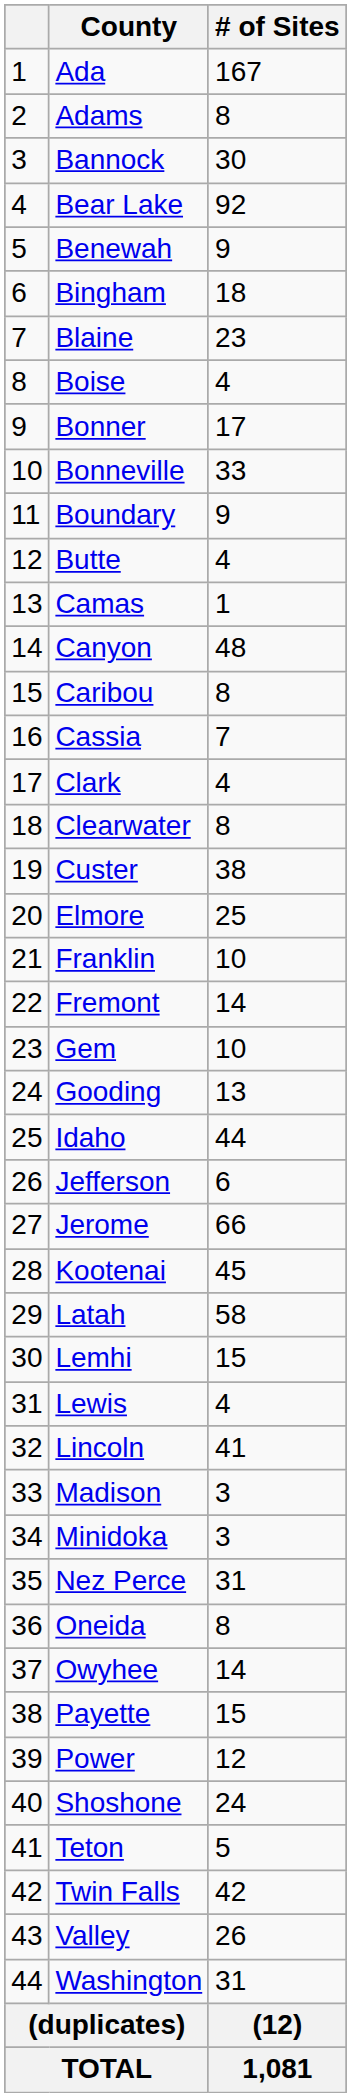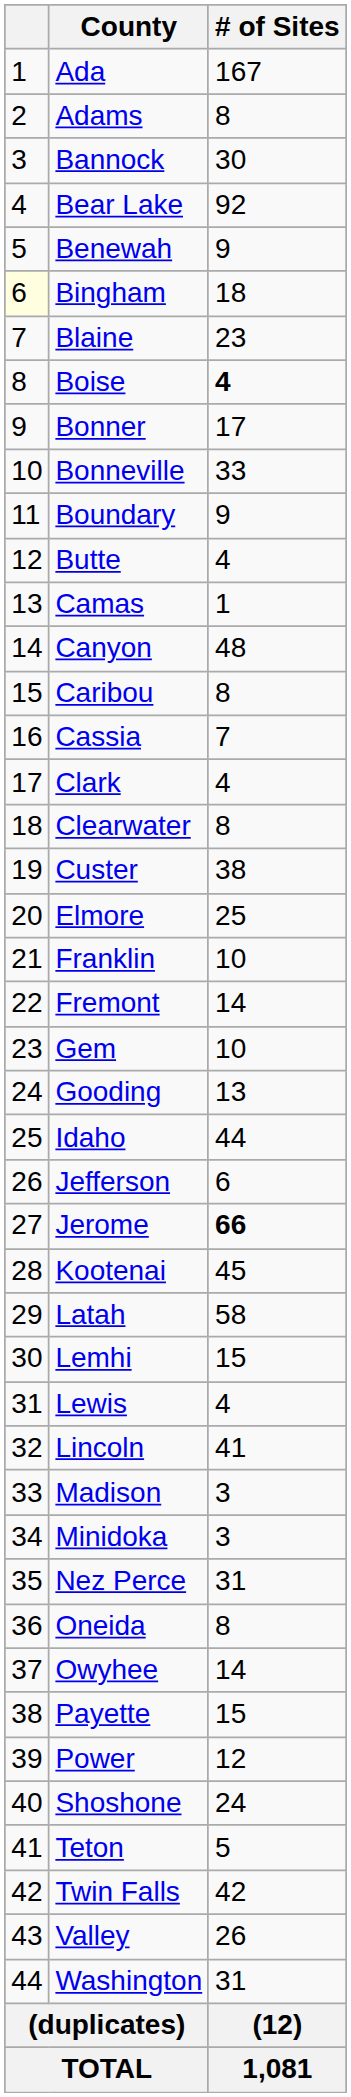 <table class="wikitable sortable">
 <tr>
 <th></th>
 <th><strong>County</strong></th>
 <th><strong># of Sites</strong></th>
 </tr>
 <tr ->
 <td>1</td>
 <td><a href='#'>Ada</a></td>
 <td>167</td>
 </tr>
 <tr ->
 <td>2</td>
 <td><a href='#'>Adams</a></td>
 <td>8</td>
 </tr>
 <tr ->
 <td>3</td>
 <td><a href='#'>Bannock</a></td>
 <td>30</td>
 </tr>
 <tr ->
 <td>4</td>
 <td><a href='#'>Bear Lake</a></td>
 <td>92</td>
 </tr>
 <tr ->
 <td>5</td>
 <td><a href='#'>Benewah</a></td>
 <td>9</td>
 </tr>
 <tr ->
-<td>6</td>
+<td style="background: lightyellow;">6</td>
 <td><a href='#'>Bingham</a></td>
 <td>18</td>
 </tr>
 <tr ->
 <td>7</td>
 <td><a href='#'>Blaine</a></td>
 <td>23</td>
 </tr>
 <tr ->
 <td>8</td>
 <td><a href='#'>Boise</a></td>
-<td>4</td>
+<td><strong>4</strong></td>
 </tr>
 <tr ->
 <td>9</td>
 <td><a href='#'>Bonner</a></td>
 <td>17</td>
 </tr>
 <tr ->
 <td>10</td>
 <td><a href='#'>Bonneville</a></td>
 <td>33</td>
 </tr>
 <tr ->
 <td>11</td>
 <td><a href='#'>Boundary</a></td>
 <td>9</td>
 </tr>
 <tr ->
 <td>12</td>
 <td><a href='#'>Butte</a></td>
 <td>4</td>
 </tr>
 <tr ->
 <td>13</td>
 <td><a href='#'>Camas</a></td>
 <td>1</td>
 </tr>
 <tr ->
 <td>14</td>
 <td><a href='#'>Canyon</a></td>
 <td>48</td>
 </tr>
 <tr ->
 <td>15</td>
 <td><a href='#'>Caribou</a></td>
 <td>8</td>
 </tr>
 <tr ->
 <td>16</td>
 <td><a href='#'>Cassia</a></td>
 <td>7</td>
 </tr>
 <tr ->
 <td>17</td>
 <td><a href='#'>Clark</a></td>
 <td>4</td>
 </tr>
 <tr ->
 <td>18</td>
 <td><a href='#'>Clearwater</a></td>
 <td>8</td>
 </tr>
 <tr ->
 <td>19</td>
 <td><a href='#'>Custer</a></td>
 <td>38</td>
 </tr>
 <tr ->
 <td>20</td>
 <td><a href='#'>Elmore</a></td>
 <td>25</td>
 </tr>
 <tr ->
 <td>21</td>
 <td><a href='#'>Franklin</a></td>
 <td>10</td>
 </tr>
 <tr ->
 <td>22</td>
 <td><a href='#'>Fremont</a></td>
 <td>14</td>
 </tr>
 <tr ->
 <td>23</td>
 <td><a href='#'>Gem</a></td>
 <td>10</td>
 </tr>
 <tr ->
 <td>24</td>
 <td><a href='#'>Gooding</a></td>
 <td>13</td>
 </tr>
 <tr ->
 <td>25</td>
 <td><a href='#'>Idaho</a></td>
 <td>44</td>
 </tr>
 <tr ->
 <td>26</td>
 <td><a href='#'>Jefferson</a></td>
 <td>6</td>
 </tr>
 <tr ->
 <td>27</td>
 <td><a href='#'>Jerome</a></td>
-<td>66</td>
+<td><strong>66</strong></td>
 </tr>
 <tr ->
 <td>28</td>
 <td><a href='#'>Kootenai</a></td>
 <td>45</td>
 </tr>
 <tr ->
 <td>29</td>
 <td><a href='#'>Latah</a></td>
 <td>58</td>
 </tr>
 <tr ->
 <td>30</td>
 <td><a href='#'>Lemhi</a></td>
 <td>15</td>
 </tr>
 <tr ->
 <td>31</td>
 <td><a href='#'>Lewis</a></td>
 <td>4</td>
 </tr>
 <tr ->
 <td>32</td>
 <td><a href='#'>Lincoln</a></td>
 <td>41</td>
 </tr>
 <tr ->
 <td>33</td>
 <td><a href='#'>Madison</a></td>
 <td>3</td>
 </tr>
 <tr ->
 <td>34</td>
 <td><a href='#'>Minidoka</a></td>
 <td>3</td>
 </tr>
 <tr ->
 <td>35</td>
 <td><a href='#'>Nez Perce</a></td>
 <td>31</td>
 </tr>
 <tr ->
 <td>36</td>
 <td><a href='#'>Oneida</a></td>
 <td>8</td>
 </tr>
 <tr ->
 <td>37</td>
 <td><a href='#'>Owyhee</a></td>
 <td>14</td>
 </tr>
 <tr ->
 <td>38</td>
 <td><a href='#'>Payette</a></td>
 <td>15</td>
 </tr>
 <tr ->
 <td>39</td>
 <td><a href='#'>Power</a></td>
 <td>12</td>
 </tr>
 <tr ->
 <td>40</td>
 <td><a href='#'>Shoshone</a></td>
 <td>24</td>
 </tr>
 <tr ->
 <td>41</td>
 <td><a href='#'>Teton</a></td>
 <td>5</td>
 </tr>
 <tr ->
 <td>42</td>
 <td><a href='#'>Twin Falls</a></td>
 <td>42</td>
 </tr>
 <tr ->
 <td>43</td>
 <td><a href='#'>Valley</a></td>
 <td>26</td>
 </tr>
 <tr ->
 <td>44</td>
 <td><a href='#'>Washington</a></td>
 <td>31</td>
 </tr>
 <tr class="sortbottom">
 <th colspan="2">(duplicates)</th>
 <th>(12)</th>
 </tr>
 <tr class="sortbottom">
 <th colspan="2">TOTAL</th>
 <th>1,081</th>
 </tr>
 </table>
